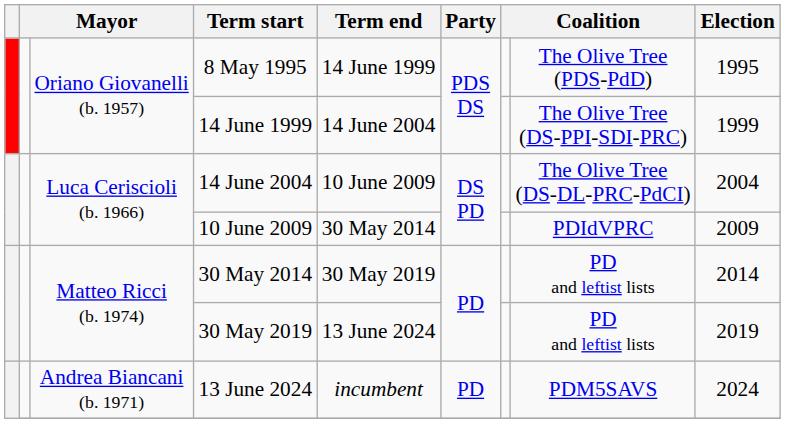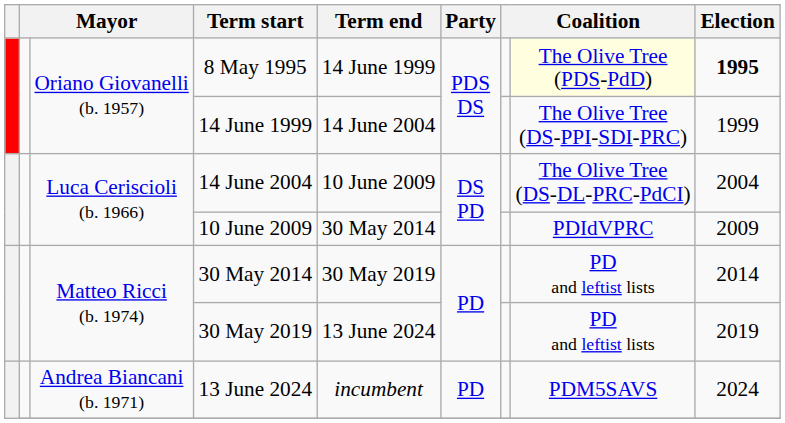 <table class="wikitable" style="text-align: center;">
 <tr>
 <th class=unsortable> </th>
 <th colspan=2>Mayor</th>
 <th>Term start</th>
 <th>Term end</th>
 <th>Party</th>
 <th colspan="2">Coalition</th>
 <th>Election</th>
 </tr>
 <tr>
 <th rowspan=2 style="background:red;"><small></small></th>
 <td rowspan=2></td>
 <td rowspan=2><a href='#'>Oriano Giovanelli</a> <br><small>(b. 1957)</small></td>
 <td>8 May 1995</td>
 <td>14 June 1999</td>
 <td rowspan=2><a href='#'>PDS</a><br><a href='#'>DS</a></td>
 <td style="background: "></td>
-<td><a href='#'>The Olive Tree</a><br>(<a href='#'>PDS</a>-<a href='#'>PdD</a>)</td>
-<td>1995</td>
+<td style="background: lightyellow;"><a href='#'>The Olive Tree</a><br>(<a href='#'>PDS</a>-<a href='#'>PdD</a>)</td>
+<td><strong>1995</strong></td>
 </tr>
 <tr>
 <td>14 June 1999</td>
 <td>14 June 2004</td>
 <td style="background: "></td>
 <td><a href='#'>The Olive Tree</a><br>(<a href='#'>DS</a>-<a href='#'>PPI</a>-<a href='#'>SDI</a>-<a href='#'>PRC</a>)</td>
 <td>1999</td>
 </tr>
 <tr>
 <th rowspan=2 style="background:"></th>
 <td rowspan=2></td>
 <td rowspan=2><a href='#'>Luca Ceriscioli</a> <br><small>(b. 1966)</small></td>
 <td>14 June 2004</td>
 <td>10 June 2009</td>
 <td rowspan=2><a href='#'>DS</a><br><a href='#'>PD</a></td>
 <td style="background: "></td>
 <td><a href='#'>The Olive Tree</a><br>(<a href='#'>DS</a>-<a href='#'>DL</a>-<a href='#'>PRC</a>-<a href='#'>PdCI</a>)</td>
 <td>2004</td>
 </tr>
 <tr>
 <td>10 June 2009</td>
 <td>30 May 2014</td>
 <td style="background: "></td>
 <td><a href='#'>PD</a><a href='#'>IdV</a><a href='#'>PRC</a></td>
 <td>2009</td>
 </tr>
 <tr>
 <th rowspan=2 style="background:"></th>
 <td rowspan=2></td>
 <td rowspan=2><a href='#'>Matteo Ricci</a> <br><small>(b. 1974)</small></td>
 <td>30 May 2014</td>
 <td>30 May 2019</td>
 <td rowspan=2><a href='#'>PD</a></td>
 <td style="background: "></td>
 <td><a href='#'>PD</a><br><small>and <a href='#'>leftist</a> lists</small></td>
 <td>2014</td>
 </tr>
 <tr>
 <td>30 May 2019</td>
 <td>13 June 2024</td>
 <td style="background: "></td>
 <td><a href='#'>PD</a><br><small>and <a href='#'>leftist</a> lists</small></td>
 <td>2019</td>
 </tr>
 <tr>
 <th rowspan=2 style="background:"></th>
 <td></td>
 <td><a href='#'>Andrea Biancani</a> <br><small>(b. 1971)</small></td>
 <td>13 June 2024</td>
 <td><em>incumbent</em></td>
 <td><a href='#'>PD</a></td>
 <td style="background: "></td>
 <td><a href='#'>PD</a><a href='#'>M5S</a><a href='#'>AVS</a></td>
 <td>2024</td>
 </tr>
 <tr>
 </tr>
 </table>
